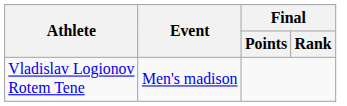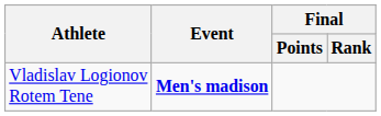 <table class="wikitable" style="font-size:90%; text-align:center;">
 <tr>
 <th rowspan=2>Athlete</th>
 <th rowspan=2>Event</th>
 <th colspan=2>Final</th>
 </tr>
 <tr>
 <th>Points</th>
 <th>Rank</th>
 </tr>
 <tr>
 <td align=left><a href='#'>Vladislav Logionov</a><br><a href='#'>Rotem Tene</a></td>
-<td align=left><a href='#'>Men's madison</a></td>
+<td align=left><strong><a href='#'>Men's madison</a></strong></td>
 <td colspan=2></td>
 </tr>
 </table>
